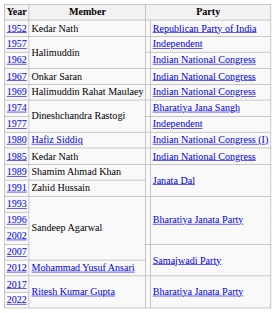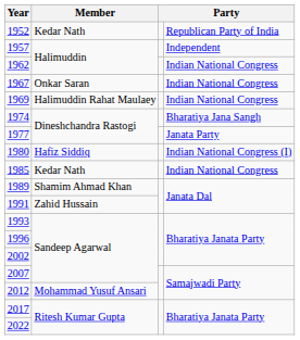 <table class="wikitable">
 <tr>
 <th>Year</th>
 <th>Member</th>
 <th colspan="2">Party</th>
 </tr>
 <tr>
 <td><a href='#'>1952</a></td>
 <td>Kedar Nath</td>
 <td style="background-color: "></td>
 <td><a href='#'>Republican Party of India</a></td>
 </tr>
 <tr>
 <td><a href='#'>1957</a></td>
 <td rowspan="2">Halimuddin</td>
 <td style="background-color: "></td>
 <td><a href='#'>Independent</a></td>
 </tr>
 <tr>
 <td><a href='#'>1962</a></td>
 <td style="background-color: "></td>
 <td><a href='#'>Indian National Congress</a></td>
 </tr>
 <tr>
 <td><a href='#'>1967</a></td>
 <td>Onkar Saran</td>
 <td style="background-color: "></td>
 <td><a href='#'>Indian National Congress</a></td>
 </tr>
 <tr>
 <td><a href='#'>1969</a></td>
 <td>Halimuddin Rahat Maulaey</td>
 <td style="background-color: "></td>
 <td><a href='#'>Indian National Congress</a></td>
 </tr>
 <tr>
 <td><a href='#'>1974</a></td>
 <td rowspan="2">Dineshchandra Rastogi</td>
 <td style="background-color: "></td>
 <td><a href='#'>Bharatiya Jana Sangh</a></td>
 </tr>
 <tr>
 <td><a href='#'>1977</a></td>
 <td style="background-color: "></td>
-<td><a href='#'>Independent</a></td>
+<td><a href='#'>Janata Party</a></td>
 </tr>
 <tr>
 <td><a href='#'>1980</a></td>
 <td><a href='#'>Hafiz Siddiq</a></td>
 <td style="background-color: "></td>
 <td><a href='#'>Indian National Congress (I)</a></td>
 </tr>
 <tr>
 <td><a href='#'>1985</a></td>
 <td>Kedar Nath</td>
 <td style="background-color: "></td>
 <td><a href='#'>Indian National Congress</a></td>
 </tr>
 <tr>
 <td><a href='#'>1989</a></td>
 <td>Shamim Ahmad Khan</td>
 <td rowspan="2" style="background-color: "></td>
 <td rowspan="2"><a href='#'>Janata Dal</a></td>
 </tr>
 <tr>
 <td><a href='#'>1991</a></td>
 <td>Zahid Hussain</td>
 </tr>
 <tr>
 <td><a href='#'>1993</a></td>
 <td rowspan="4">Sandeep Agarwal</td>
 <td rowspan="3" style="background-color: "></td>
 <td rowspan="3"><a href='#'>Bharatiya Janata Party</a></td>
 </tr>
 <tr>
 <td><a href='#'>1996</a></td>
 </tr>
 <tr>
 <td><a href='#'>2002</a></td>
 </tr>
 <tr>
 <td><a href='#'>2007</a></td>
 <td rowspan="2" style="background-color: "></td>
 <td rowspan="2"><a href='#'>Samajwadi Party</a></td>
 </tr>
 <tr>
 <td><a href='#'>2012</a></td>
 <td><a href='#'>Mohammad Yusuf Ansari</a></td>
 </tr>
 <tr>
 <td><a href='#'>2017</a></td>
 <td rowspan="2"><a href='#'>Ritesh Kumar Gupta</a></td>
 <td rowspan="2" style="background-color: "></td>
 <td rowspan="2"><a href='#'>Bharatiya Janata Party</a></td>
 </tr>
 <tr>
 <td><a href='#'>2022</a></td>
 </tr>
 </table>
